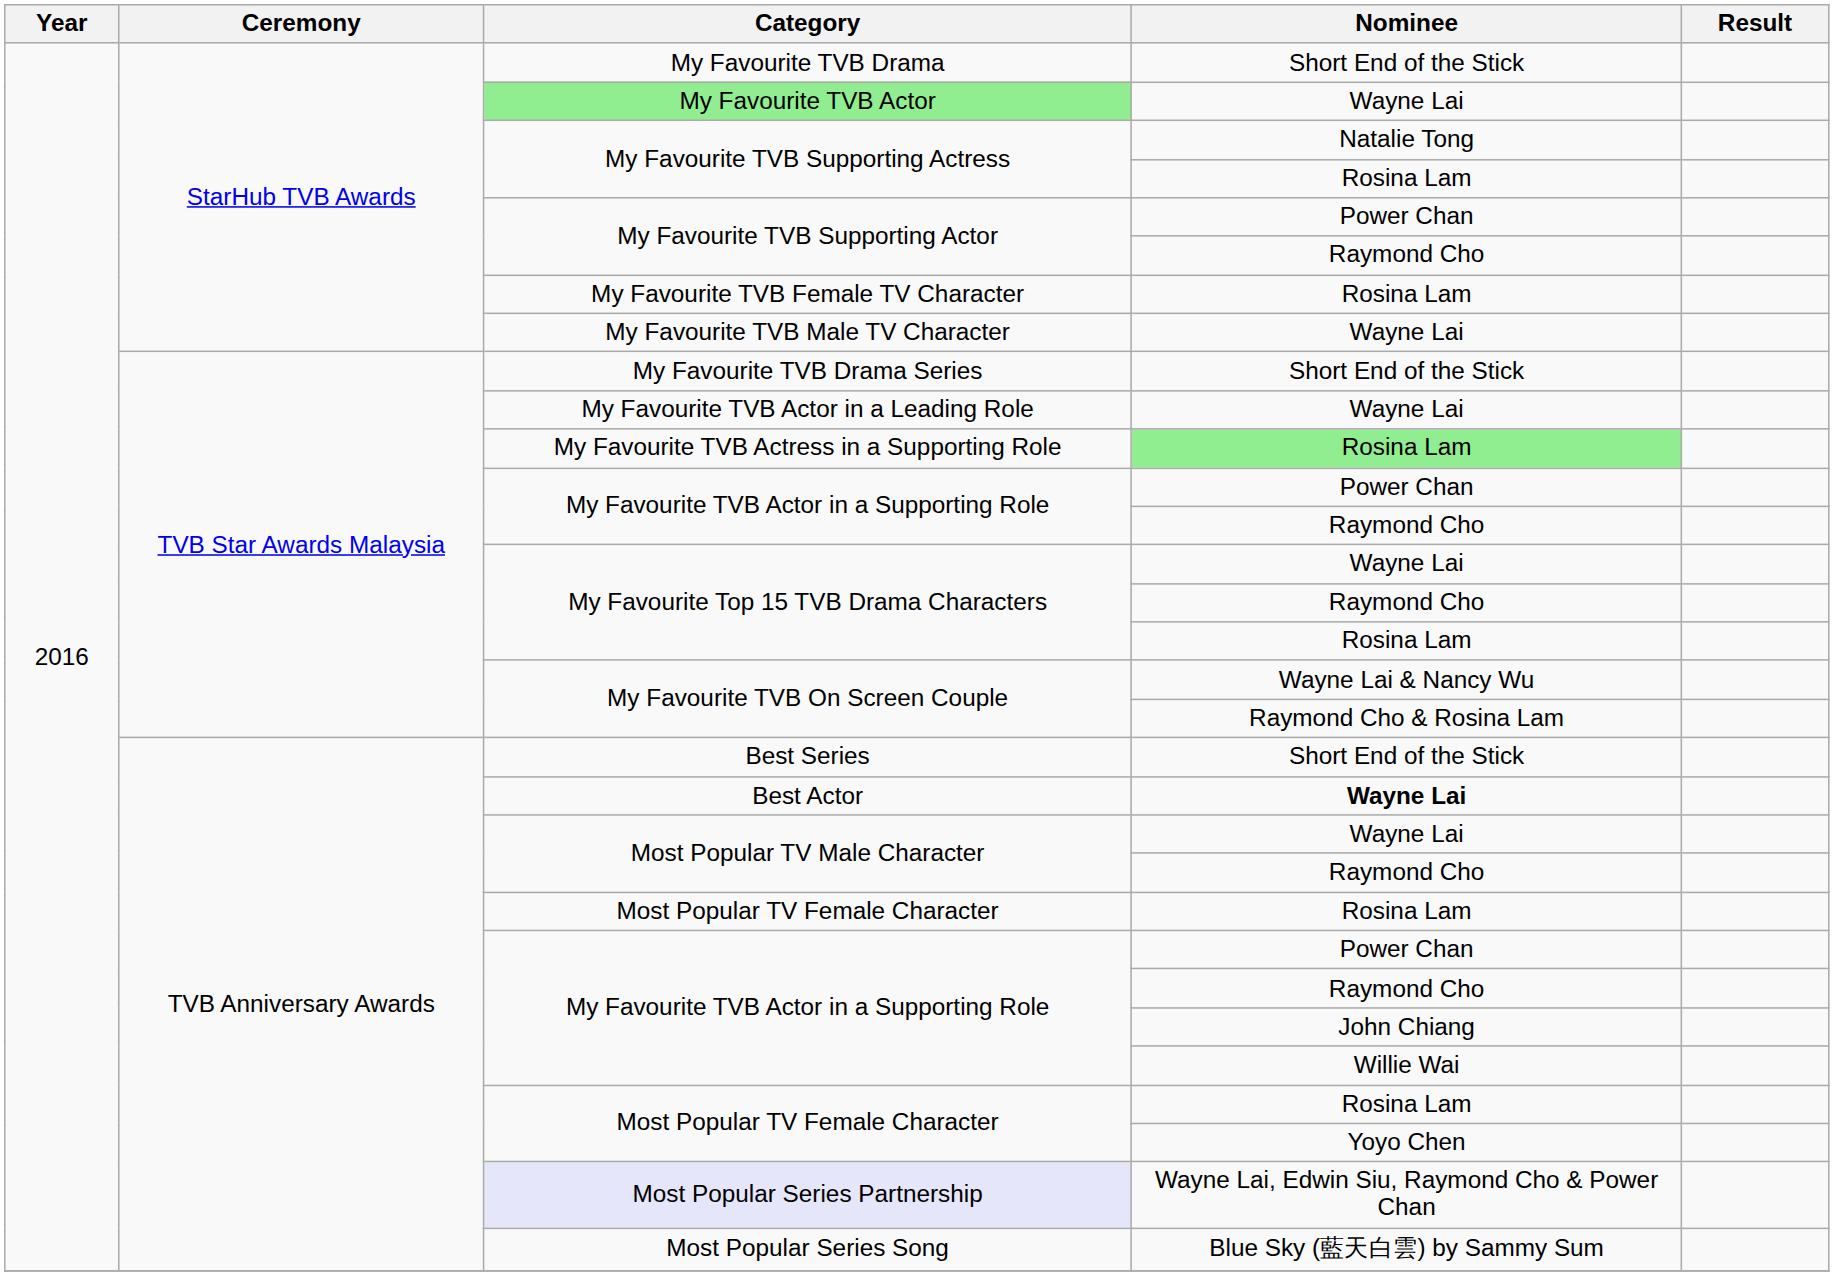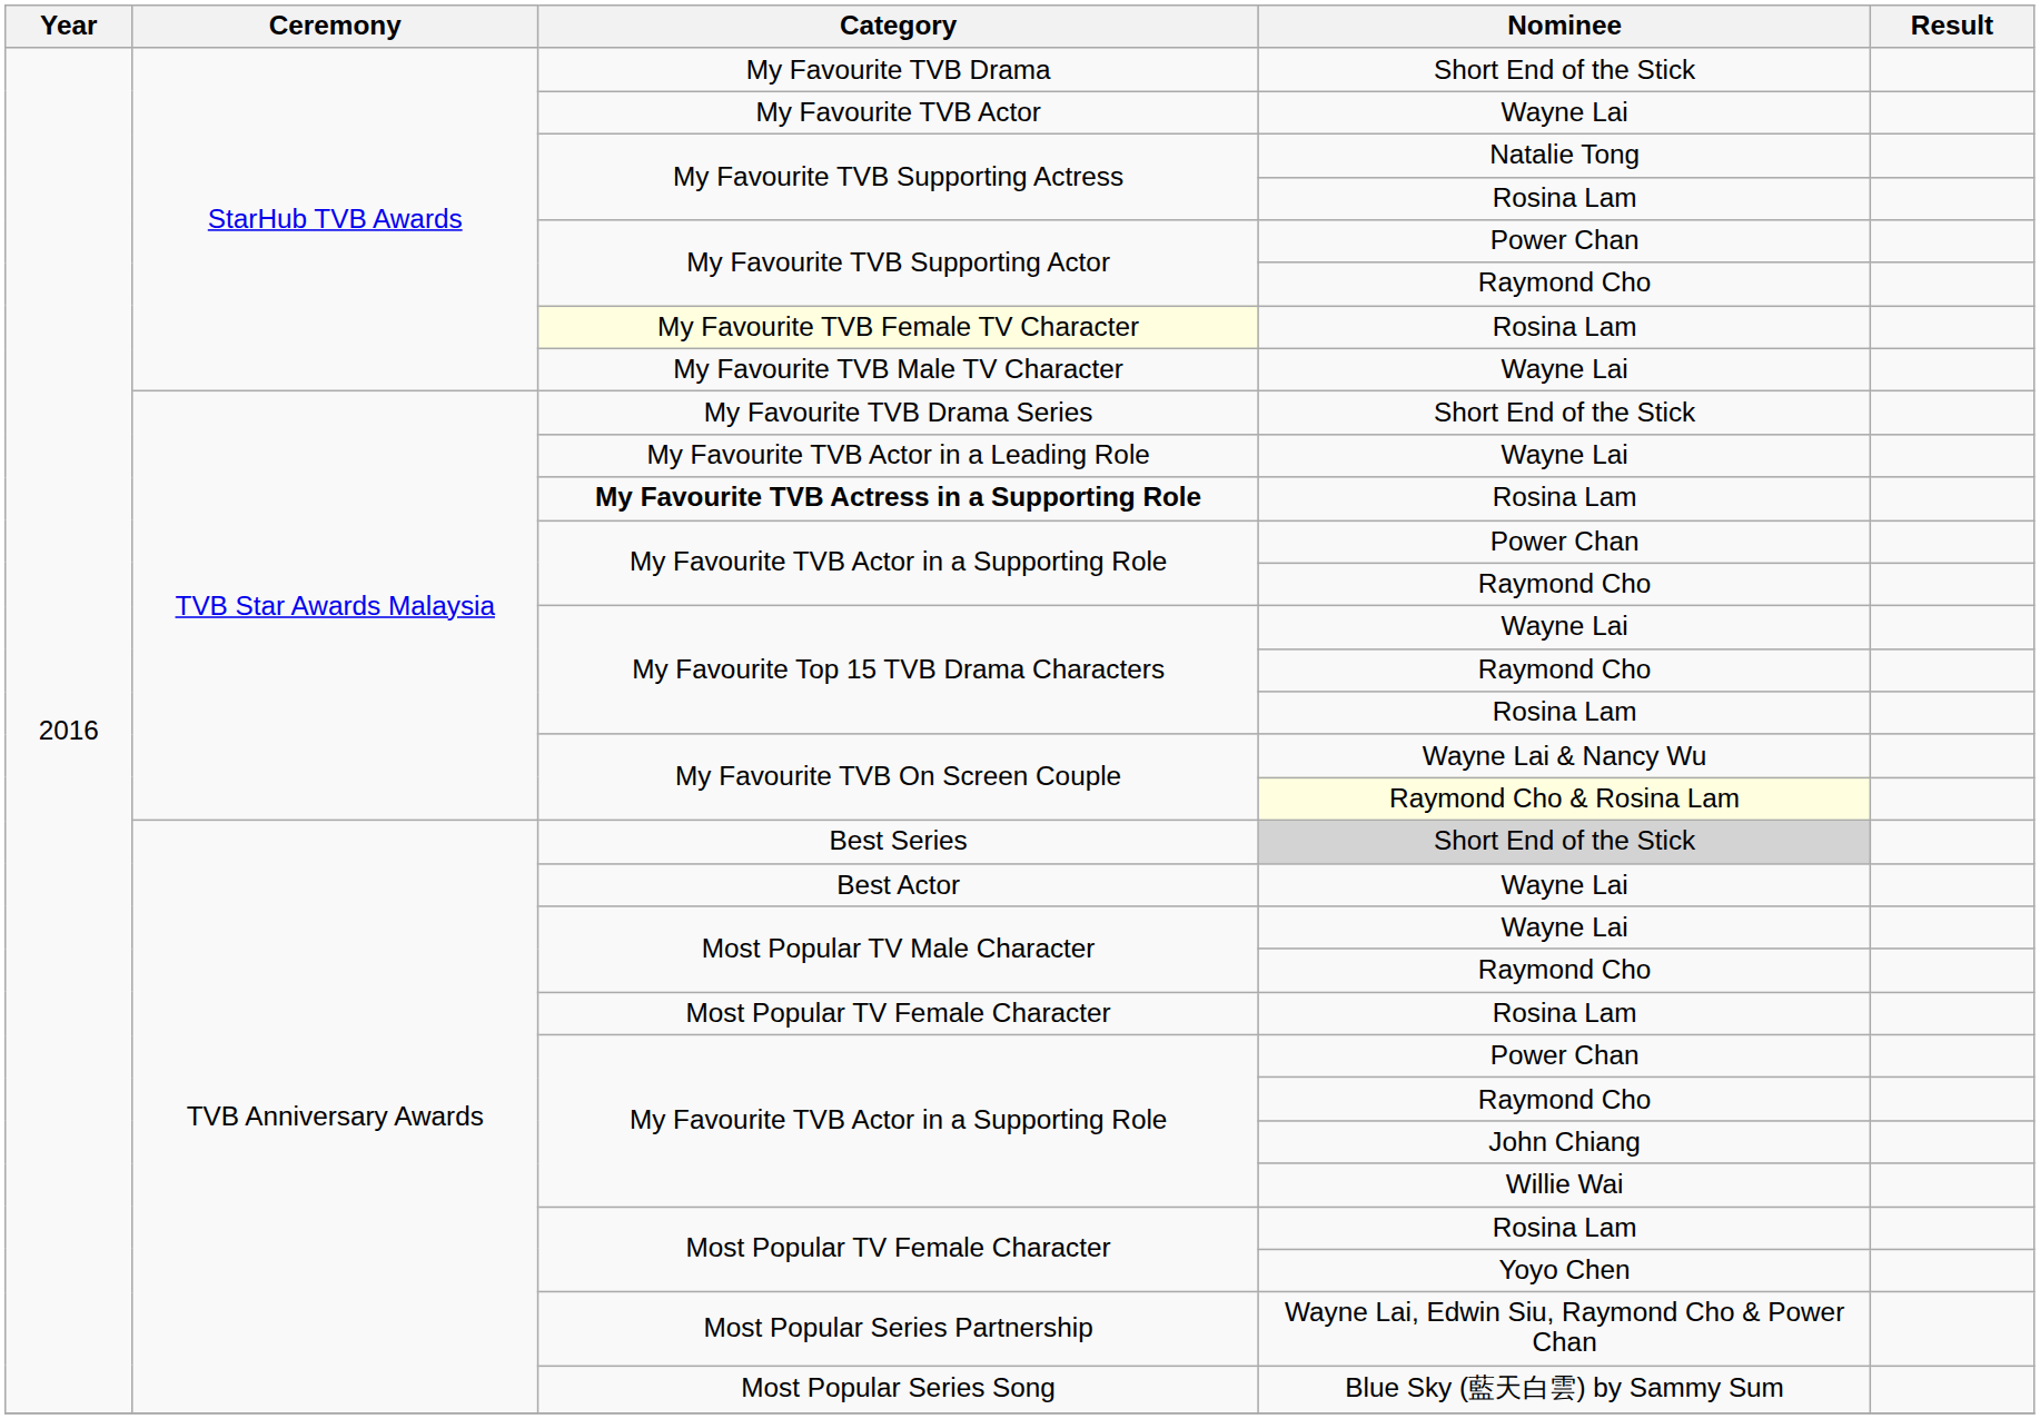 <table class="wikitable" style="width:95%;">
 <tr>
 <th style="width:45px;">Year</th>
 <th style="width:160px;">Ceremony</th>
 <th style="width:290px;">Category</th>
 <th style="width:245px;">Nominee</th>
 <th style="width:60px;">Result</th>
 </tr>
 <tr>
 <td align="center" rowspan=31>2016</td>
 <td align="center" rowspan=8><a href='#'>StarHub TVB Awards</a></td>
 <td align="center">My Favourite TVB Drama</td>
 <td align="center">Short End of the Stick</td>
 <td></td>
 </tr>
 <tr>
-<td align="center" style="background: lightgreen;">My Favourite TVB Actor</td>
+<td align="center">My Favourite TVB Actor</td>
 <td align="center">Wayne Lai</td>
 <td></td>
 </tr>
 <tr>
 <td rowspan=2 align="center">My Favourite TVB Supporting Actress</td>
 <td align="center">Natalie Tong</td>
 <td></td>
 </tr>
 <tr>
 <td align="center">Rosina Lam</td>
 <td></td>
 </tr>
 <tr>
 <td rowspan=2 align="center">My Favourite TVB Supporting Actor</td>
 <td align="center">Power Chan</td>
 <td></td>
 </tr>
 <tr>
 <td align="center">Raymond Cho</td>
 <td></td>
 </tr>
 <tr>
-<td align="center">My Favourite TVB Female TV Character</td>
+<td align="center" style="background: lightyellow;">My Favourite TVB Female TV Character</td>
 <td align="center">Rosina Lam</td>
 <td></td>
 </tr>
 <tr>
 <td align="center">My Favourite TVB Male TV Character</td>
 <td align="center">Wayne Lai</td>
 <td></td>
 </tr>
 <tr>
 <td align="center" rowspan=10><a href='#'>TVB Star Awards Malaysia</a></td>
 <td align="center">My Favourite TVB Drama Series</td>
 <td align="center">Short End of the Stick</td>
 <td></td>
 </tr>
 <tr>
 <td align="center">My Favourite TVB Actor in a Leading Role</td>
 <td align="center">Wayne Lai</td>
 <td></td>
 </tr>
 <tr>
-<td align="center">My Favourite TVB Actress in a Supporting Role</td>
-<td align="center" style="background: lightgreen;">Rosina Lam</td>
+<td align="center"><strong>My Favourite TVB Actress in a Supporting Role</strong></td>
+<td align="center">Rosina Lam</td>
 <td></td>
 </tr>
 <tr>
 <td rowspan=2 align="center">My Favourite TVB Actor in a Supporting Role</td>
 <td align="center">Power Chan</td>
 <td></td>
 </tr>
 <tr>
 <td align="center">Raymond Cho</td>
 <td></td>
 </tr>
 <tr>
 <td rowspan=3 align="center">My Favourite Top 15 TVB Drama Characters</td>
 <td align="center">Wayne Lai</td>
 <td></td>
 </tr>
 <tr>
 <td align="center">Raymond Cho</td>
 <td></td>
 </tr>
 <tr>
 <td align="center">Rosina Lam</td>
 <td></td>
 </tr>
 <tr>
 <td rowspan=2 align="center">My Favourite TVB On Screen Couple</td>
 <td align="center">Wayne Lai & Nancy Wu</td>
 <td></td>
 </tr>
 <tr>
-<td align="center">Raymond Cho & Rosina Lam</td>
+<td align="center" style="background: lightyellow;">Raymond Cho & Rosina Lam</td>
 <td></td>
 </tr>
 <tr>
 <td align="center" rowspan=13>TVB Anniversary Awards</td>
 <td align="center">Best Series</td>
-<td align="center">Short End of the Stick</td>
+<td align="center" style="background: lightgrey;">Short End of the Stick</td>
 <td></td>
 </tr>
 <tr>
 <td align="center">Best Actor</td>
-<td align="center"><strong>Wayne Lai</strong></td>
+<td align="center">Wayne Lai</td>
 <td></td>
 </tr>
 <tr>
 <td rowspan=2 align="center">Most Popular TV Male Character</td>
 <td align="center">Wayne Lai</td>
 <td></td>
 </tr>
 <tr>
 <td align="center">Raymond Cho</td>
 <td></td>
 </tr>
 <tr>
 <td align="center">Most Popular TV Female Character</td>
 <td align="center">Rosina Lam</td>
 <td></td>
 </tr>
 <tr>
 <td rowspan=4 align="center">My Favourite TVB Actor in a Supporting Role</td>
 <td align="center">Power Chan</td>
 <td></td>
 </tr>
 <tr>
 <td align="center">Raymond Cho</td>
 <td></td>
 </tr>
 <tr>
 <td align="center">John Chiang</td>
 <td></td>
 </tr>
 <tr>
 <td align="center">Willie Wai</td>
 <td></td>
 </tr>
 <tr>
 <td rowspan=2 align="center">Most Popular TV Female Character</td>
 <td align="center">Rosina Lam</td>
 <td></td>
 </tr>
 <tr>
 <td align="center">Yoyo Chen</td>
 <td></td>
 </tr>
 <tr>
-<td align="center" style="background: lavender;">Most Popular Series Partnership</td>
+<td align="center">Most Popular Series Partnership</td>
 <td align="center">Wayne Lai, Edwin Siu, Raymond Cho & Power Chan</td>
 <td></td>
 </tr>
 <tr>
 <td align="center">Most Popular Series Song</td>
 <td align="center">Blue Sky (藍天白雲) by Sammy Sum</td>
 <td></td>
 </tr>
 <tr>
 </tr>
 </table>
